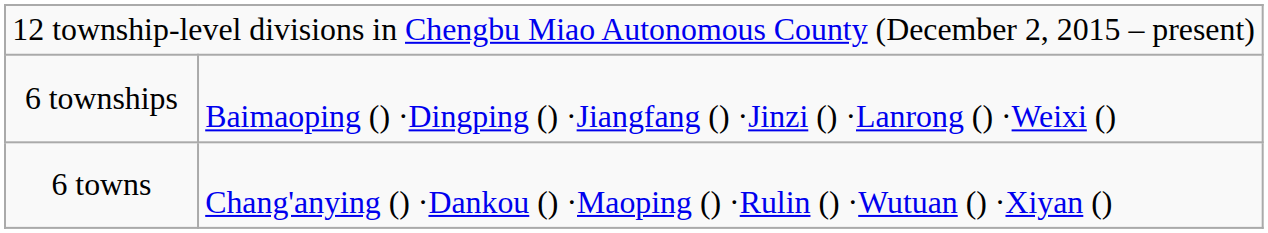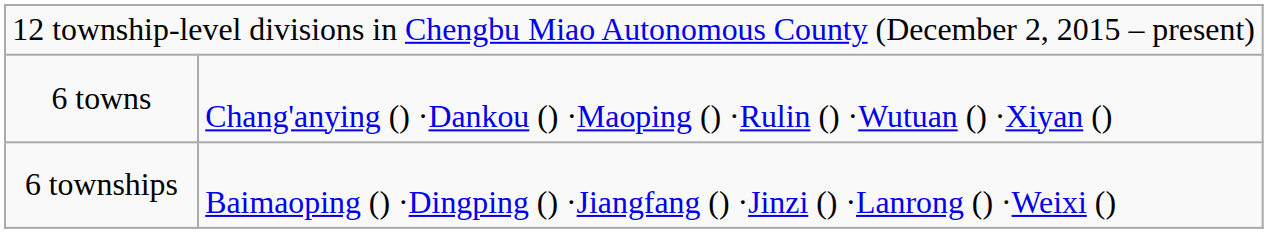 <table class="wikitable">
 <tr>
 <td style="text-align:center;" colspan="2">12 township-level divisions in <a href='#'>Chengbu Miao Autonomous County</a> (December 2, 2015 – present)</td>
 </tr>
 <tr align=left>
+<td align=center>6 towns</td>
+<td><br><a href='#'>Chang'anying</a> () ·<a href='#'>Dankou</a> () ·<a href='#'>Maoping</a> () ·<a href='#'>Rulin</a> () ·<a href='#'>Wutuan</a> () ·<a href='#'>Xiyan</a> ()</td>
+</tr>
+<tr align=left>
 <td align=center>6 townships</td>
 <td><br><a href='#'>Baimaoping</a> () ·<a href='#'>Dingping</a> () ·<a href='#'>Jiangfang</a> () ·<a href='#'>Jinzi</a> () ·<a href='#'>Lanrong</a> () ·<a href='#'>Weixi</a> ()</td>
 </tr>
-<tr align=left>
-<td align=center>6 towns</td>
-<td><br><a href='#'>Chang'anying</a> () ·<a href='#'>Dankou</a> () ·<a href='#'>Maoping</a> () ·<a href='#'>Rulin</a> () ·<a href='#'>Wutuan</a> () ·<a href='#'>Xiyan</a> ()</td>
-</tr>
 </table>
